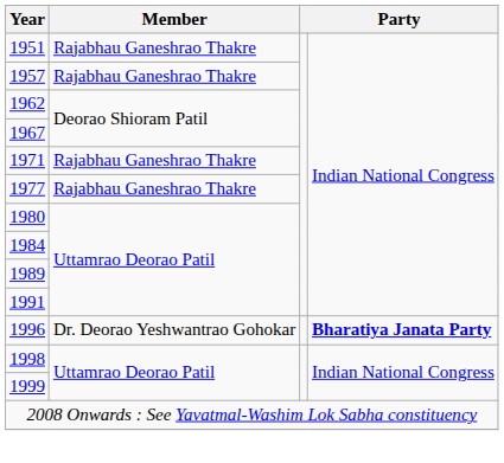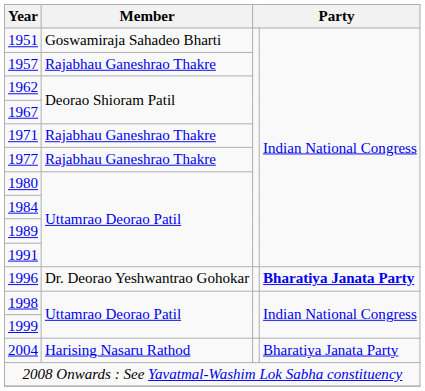 <table class="wikitable">
 <tr>
 <th>Year</th>
 <th>Member</th>
 <th colspan="2">Party</th>
 </tr>
 <tr>
 <td><a href='#'>1951</a></td>
-<td><a href='#'>Rajabhau Ganeshrao Thakre</a></td>
+<td>Goswamiraja Sahadeo Bharti</td>
 <td rowspan=10 style="background-color: "></td>
 <td rowspan=10><a href='#'>Indian National Congress</a></td>
 </tr>
 <tr>
 <td><a href='#'>1957</a></td>
 <td><a href='#'>Rajabhau Ganeshrao Thakre</a></td>
 </tr>
 <tr>
 <td><a href='#'>1962</a></td>
 <td rowspan=2>Deorao Shioram Patil</td>
 </tr>
 <tr>
 <td><a href='#'>1967</a></td>
 </tr>
 <tr>
 <td><a href='#'>1971</a></td>
 <td><a href='#'>Rajabhau Ganeshrao Thakre</a></td>
 </tr>
 <tr>
 <td><a href='#'>1977</a></td>
 <td><a href='#'>Rajabhau Ganeshrao Thakre</a></td>
 </tr>
 <tr>
 <td><a href='#'>1980</a></td>
 <td rowspan=4><a href='#'>Uttamrao Deorao Patil</a></td>
 </tr>
 <tr>
 <td><a href='#'>1984</a></td>
 </tr>
 <tr>
 <td><a href='#'>1989</a></td>
 </tr>
 <tr>
 <td><a href='#'>1991</a></td>
 </tr>
 <tr>
 <td><a href='#'>1996</a></td>
 <td>Dr. Deorao Yeshwantrao Gohokar</td>
 <td style="background-color: "></td>
 <td><strong><a href='#'>Bharatiya Janata Party</a></strong></td>
 </tr>
 <tr>
 <td><a href='#'>1998</a></td>
 <td rowspan=2><a href='#'>Uttamrao Deorao Patil</a></td>
 <td rowspan=2 style="background-color: "></td>
 <td rowspan=2><a href='#'>Indian National Congress</a></td>
 </tr>
 <tr>
 <td><a href='#'>1999</a></td>
 </tr>
 <tr>
+<td><a href='#'>2004</a></td>
+<td><a href='#'>Harising Nasaru Rathod</a></td>
+<td style="background-color: "></td>
+<td><a href='#'>Bharatiya Janata Party</a></td>
+</tr>
+<tr>
 <td colspan=4 align=center><em>2008 Onwards : See <a href='#'>Yavatmal-Washim Lok Sabha constituency</a></em></td>
 </tr>
 <tr>
 </tr>
 </table>
